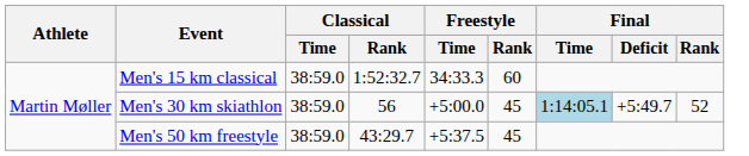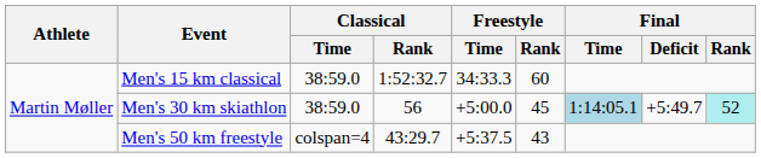 <table class="wikitable" style="font-size:90%">
 <tr>
 <th rowspan=2>Athlete</th>
 <th rowspan=2>Event</th>
 <th colspan=2>Classical</th>
 <th colspan=2>Freestyle</th>
 <th colspan=3>Final</th>
 </tr>
 <tr style="font-size: 95%">
 <th>Time</th>
 <th>Rank</th>
 <th>Time</th>
 <th>Rank</th>
 <th>Time</th>
 <th>Deficit</th>
 <th>Rank</th>
 </tr>
 <tr align=center>
 <td align=left rowspan=3><a href='#'>Martin Møller</a></td>
 <td align=left><a href='#'>Men's 15 km classical</a></td>
 <td>38:59.0</td>
 <td>1:52:32.7</td>
 <td>34:33.3</td>
 <td>60</td>
 </tr>
 <tr align=center>
 <td align=left><a href='#'>Men's 30 km skiathlon</a></td>
 <td>38:59.0</td>
 <td>56</td>
 <td>+5:00.0</td>
 <td>45</td>
 <td style="background: lightblue;">1:14:05.1</td>
 <td>+5:49.7</td>
-<td>52</td>
+<td style="background: paleturquoise;">52</td>
 </tr>
 <tr align=center>
 <td align=left><a href='#'>Men's 50 km freestyle</a></td>
-<td>38:59.0</td>
+<td>colspan=4 </td>
 <td>43:29.7</td>
 <td>+5:37.5</td>
-<td>45</td>
+<td>43</td>
 </tr>
 </table>
